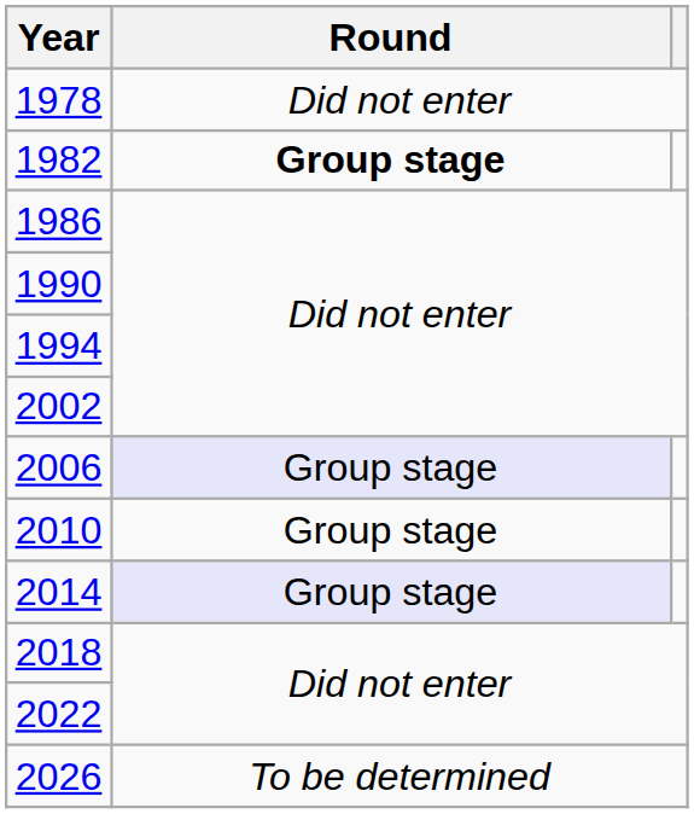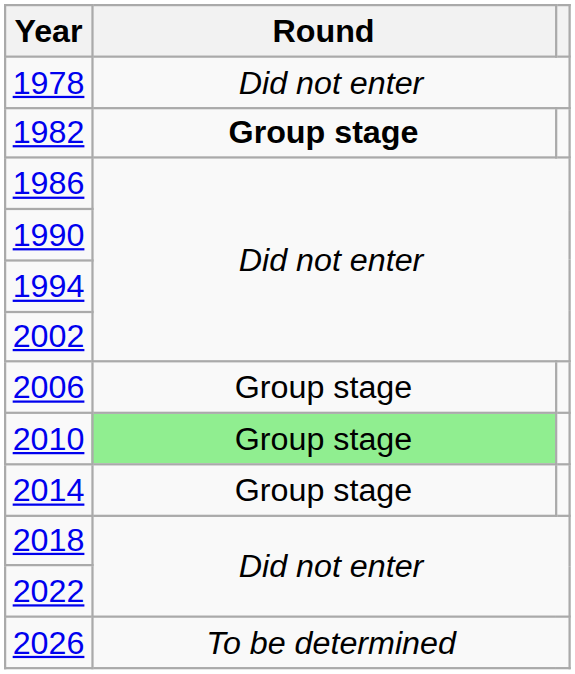 <table class="wikitable" style="text-align: center; font-size:90%">
 <tr>
 <th>Year</th>
 <th style="width:200px">Round</th>
 <th></th>
 </tr>
 <tr>
 <td><a href='#'>1978</a></td>
 <td colspan="2"><em>Did not enter</em></td>
 </tr>
 <tr>
 <td><a href='#'>1982</a></td>
 <td><strong>Group stage</strong></td>
 <td></td>
 </tr>
 <tr>
 <td><a href='#'>1986</a></td>
 <td colspan="2" rowspan="4"><em>Did not enter</em></td>
 </tr>
 <tr>
 <td><a href='#'>1990</a></td>
 </tr>
 <tr>
 <td><a href='#'>1994</a></td>
 </tr>
 <tr>
 <td><a href='#'>2002</a></td>
 </tr>
 <tr>
 <td><a href='#'>2006</a></td>
-<td style="background: lavender;">Group stage</td>
+<td>Group stage</td>
 <td></td>
 </tr>
 <tr>
 <td><a href='#'>2010</a></td>
-<td>Group stage</td>
+<td style="background: lightgreen;">Group stage</td>
 <td></td>
 </tr>
 <tr>
 <td><a href='#'>2014</a></td>
-<td style="background: lavender;">Group stage</td>
+<td>Group stage</td>
 <td></td>
 </tr>
 <tr>
 <td><a href='#'>2018</a></td>
 <td colspan="2" rowspan="2"><em>Did not enter</em></td>
 </tr>
 <tr>
 <td><a href='#'>2022</a></td>
 </tr>
 <tr>
 <td><a href='#'>2026</a></td>
 <td colspan="2"><em>To be determined</em></td>
 </tr>
 </table>
